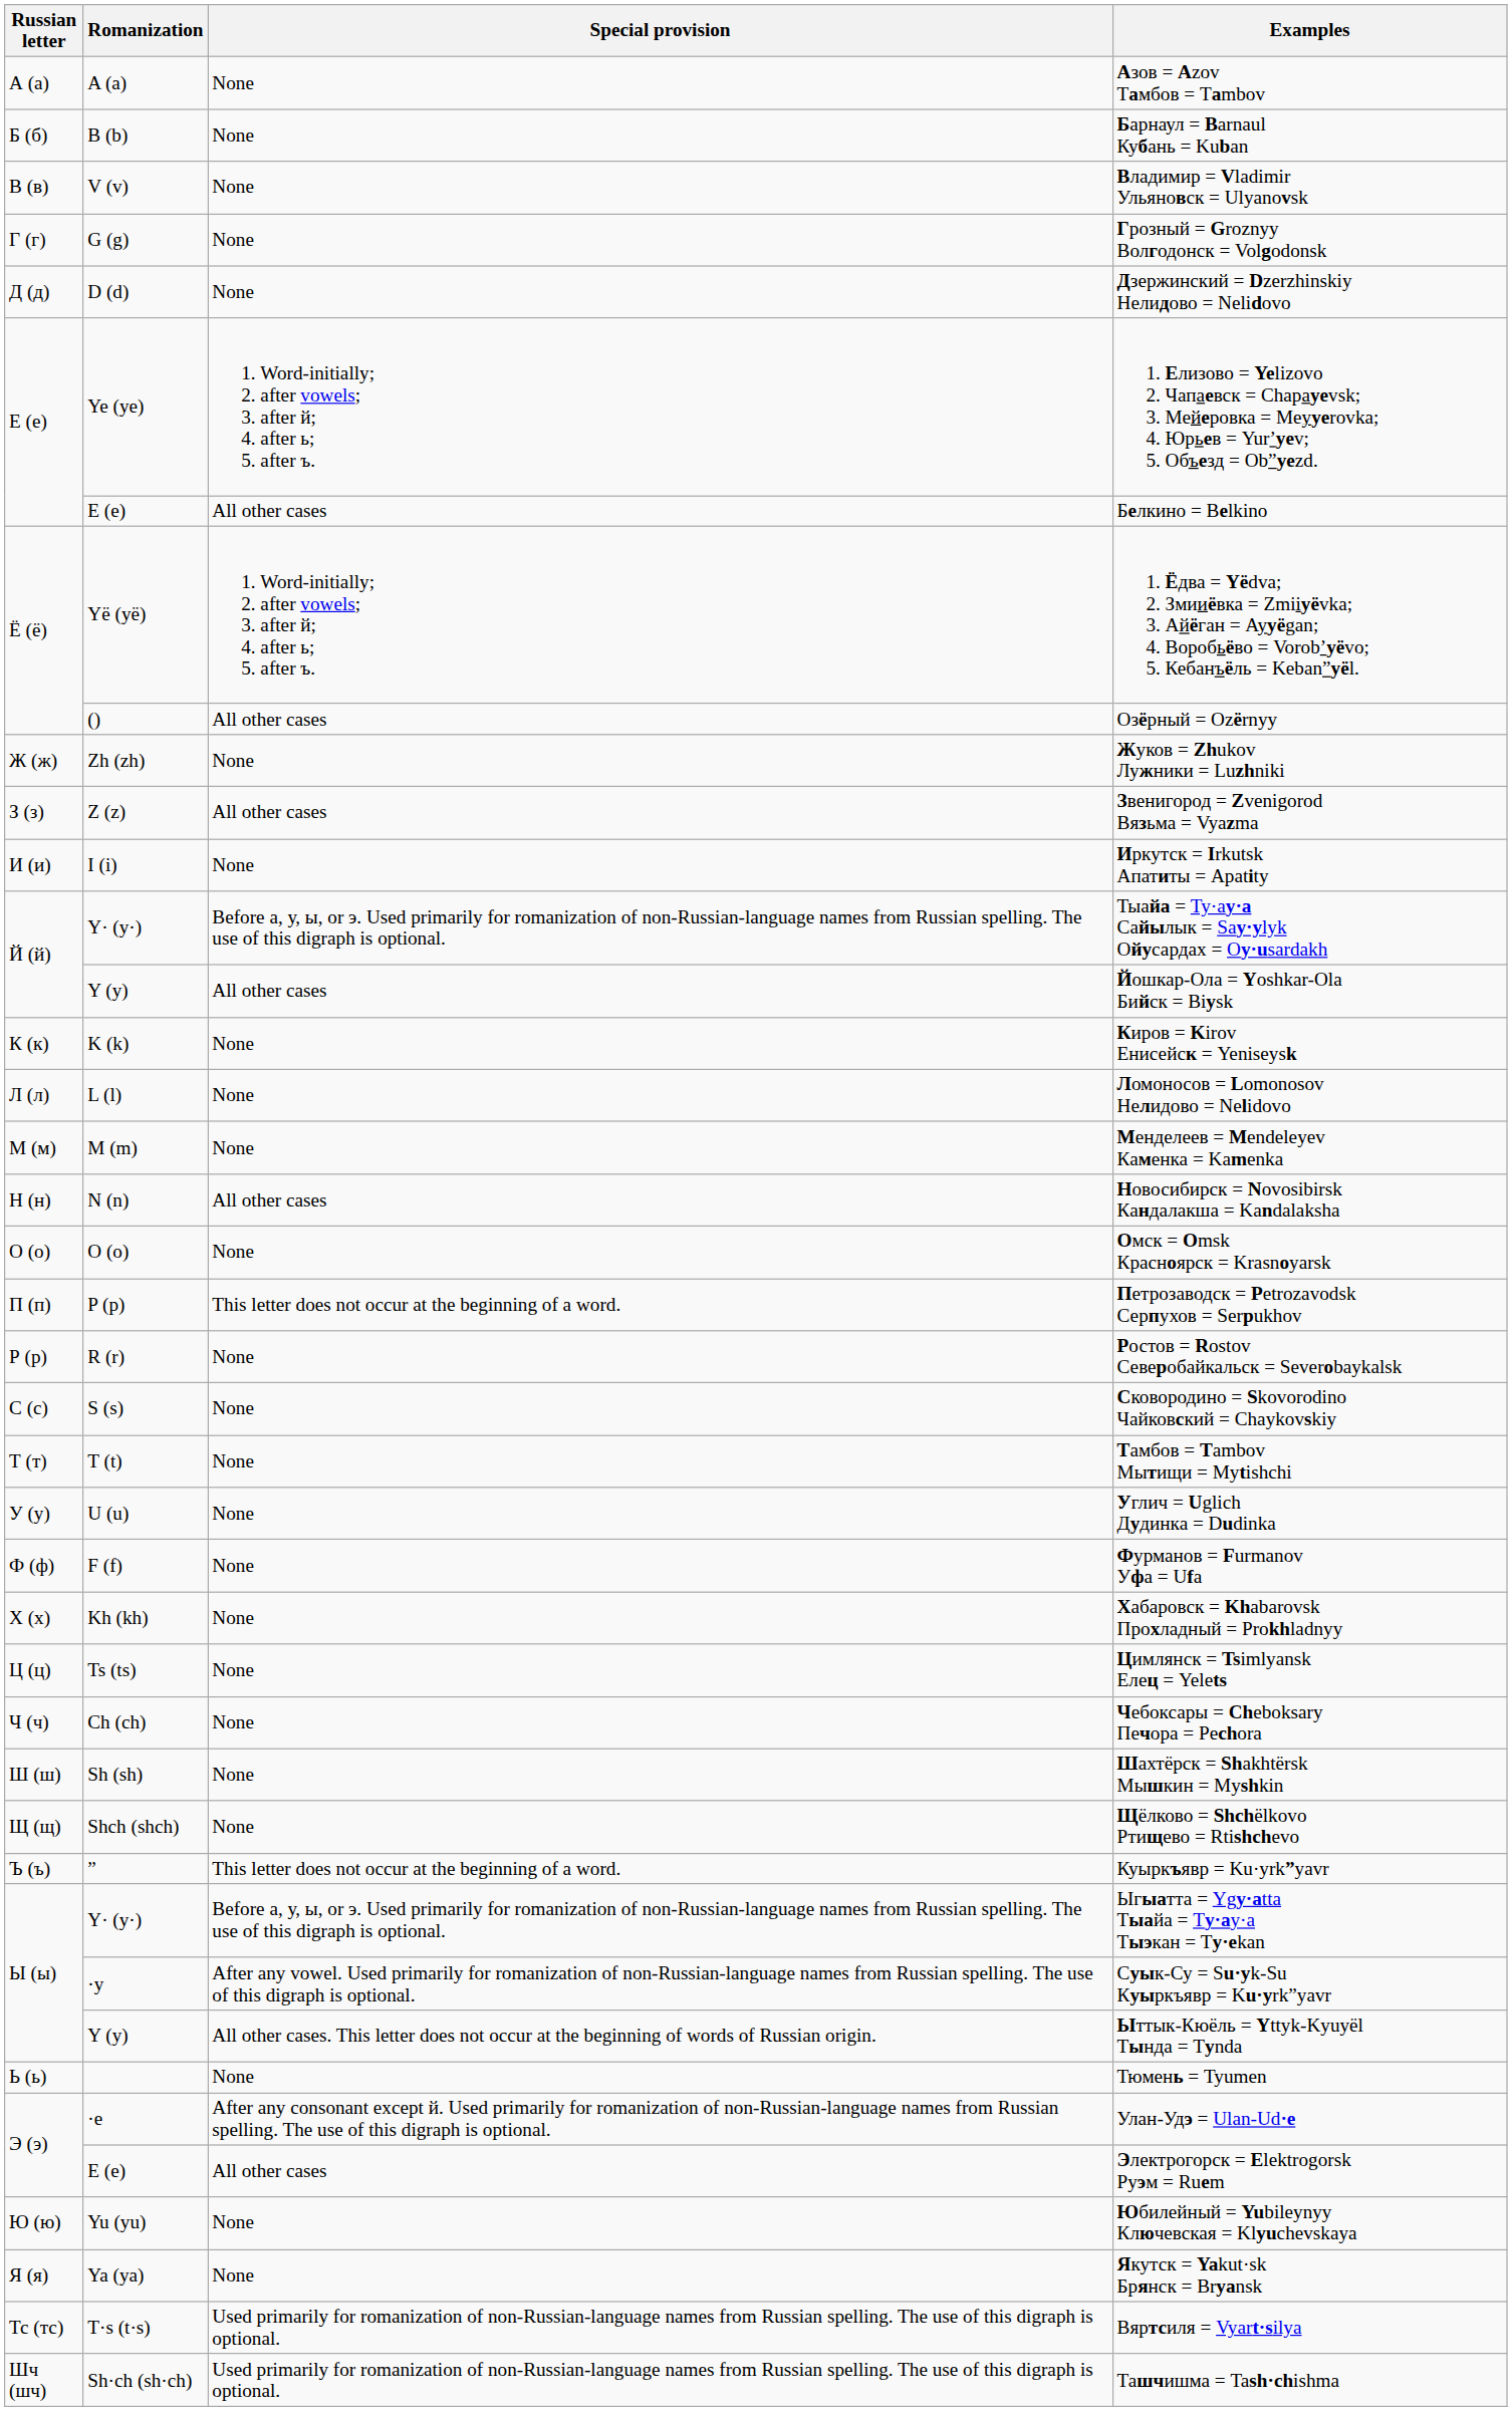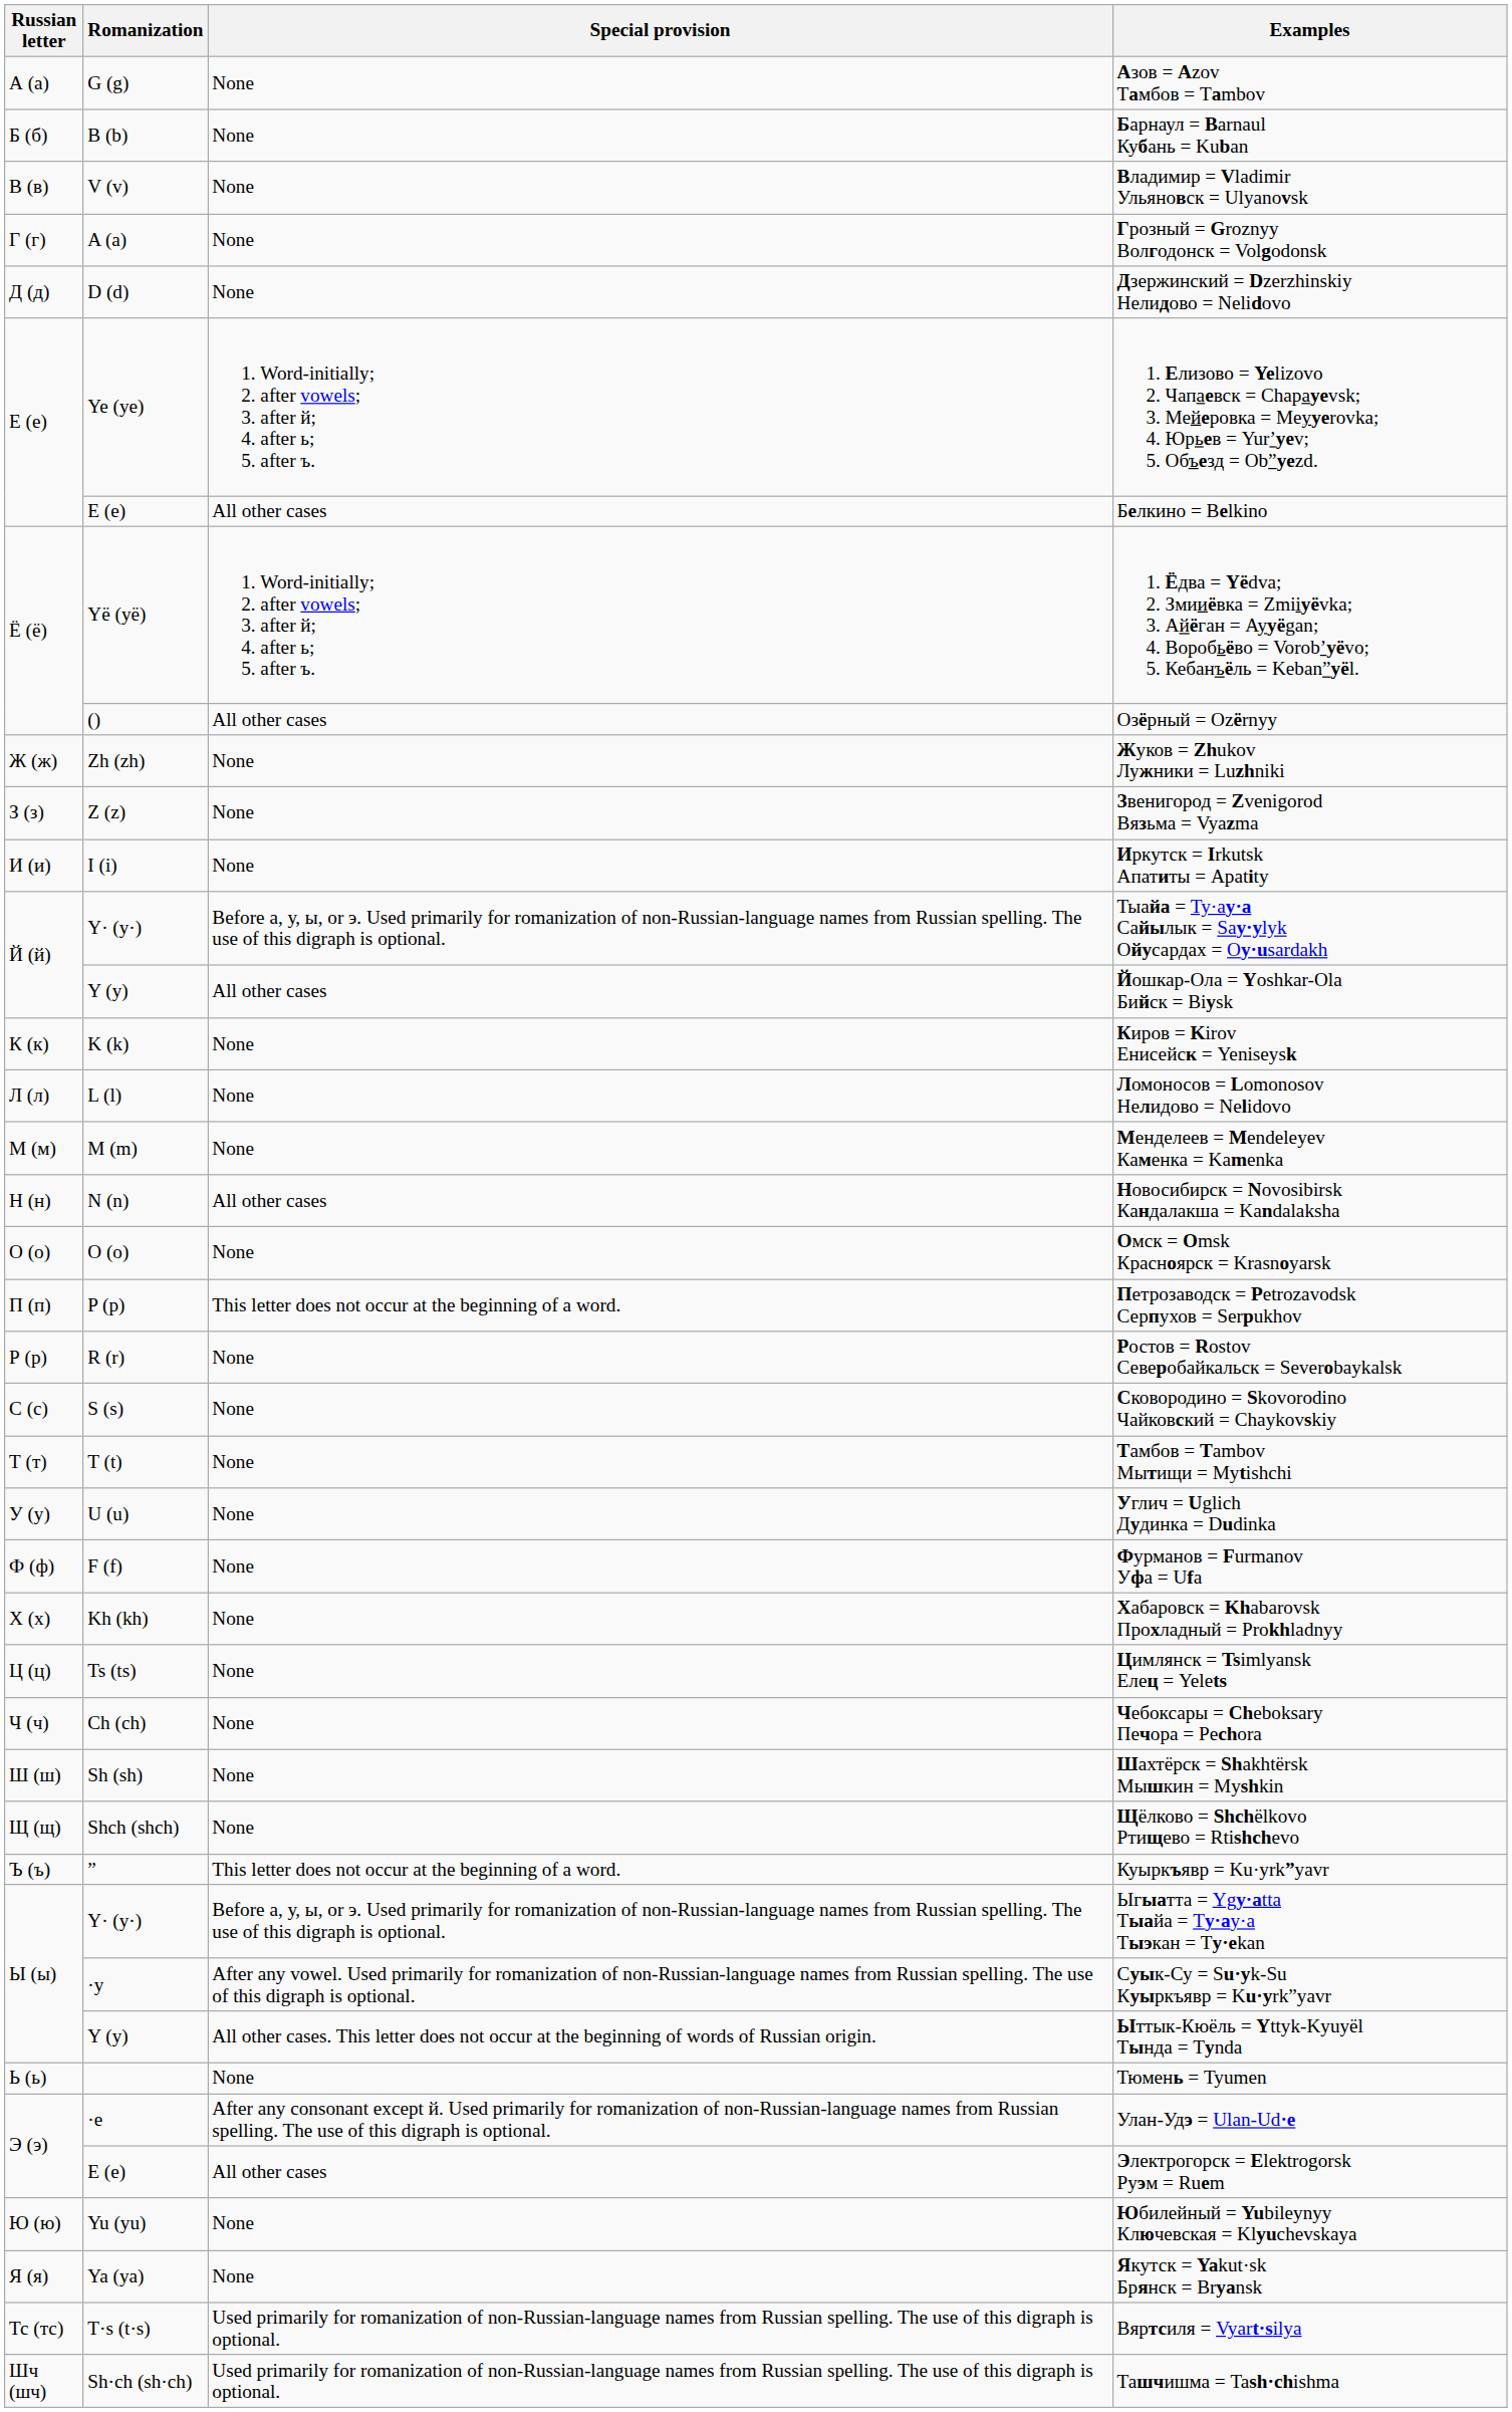 <table class="wikitable sortable mw-collapsible">
 <tr style="background: #efefef;">
 <th>Russian<br>letter</th>
 <th>Romanization</th>
 <th>Special provision</th>
 <th style="width:20em">Examples</th>
 </tr>
 <tr>
 <td>А (а)</td>
-<td>A (a)</td>
+<td>G (g)</td>
 <td>None</td>
 <td><strong><span>А</span></strong>зов = <strong><span>A</span></strong>zov <br> Т<strong><span>а</span></strong>мбов = T<strong>a</strong>mbov</td>
 </tr>
 <tr>
 <td>Б (б)</td>
 <td>B (b)</td>
 <td>None</td>
 <td><strong><span>Б</span></strong>арнаул = <strong><span>B</span></strong>arnaul <br> Ку<strong><span>б</span></strong>ань = Ku<strong>b</strong>an</td>
 </tr>
 <tr>
 <td>В (в)</td>
 <td>V (v)</td>
 <td>None</td>
 <td><strong>В</strong>ладимир = <strong>V</strong>ladimir <br> Ульяно<strong><span>в</span></strong>ск = Ulyano<strong>v</strong>sk</td>
 </tr>
 <tr>
 <td>Г (г)</td>
-<td>G (g)</td>
+<td>A (a)</td>
 <td>None</td>
 <td><strong>Г</strong>розный = <strong>G</strong>roznyy <br> Вол<strong>г</strong>одонск = Vol<strong>g</strong>odonsk</td>
 </tr>
 <tr>
 <td>Д (д)</td>
 <td>D (d)</td>
 <td>None</td>
 <td><strong>Д</strong>зержинский = <strong>D</strong>zerzhinskiy <br> Нели<strong>д</strong>ово = Neli<strong>d</strong>ovo</td>
 </tr>
 <tr>
 <td rowspan="2">Е (е)</td>
 <td>Ye (ye)</td>
 <td><br><ol><li>Word-initially;</li><li>after <a href='#'>vowels</a>;</li><li>after й;</li><li>after ь;</li><li>after ъ.</li></ol></td>
 <td><br><ol><li><strong>Е</strong>лизово = <strong>Ye</strong>lizovo</li><li>Чап<u>а</u><strong>е</strong>вск = Chap<u>a</u><strong>ye</strong>vsk;</li><li>Ме<u>й</u><strong>е</strong>ровка = Me<u>y</u><strong>ye</strong>rovka;</li><li>Юр<u>ь</u><strong>е</strong>в = Yur<u>ʼ</u><strong>ye</strong>v;</li><li>Об<u>ъ</u><strong>е</strong>зд = Ob<u>ˮ</u><strong>ye</strong>zd.</li></ol></td>
 </tr>
 <tr>
 <td>E (e)</td>
 <td>All other cases</td>
 <td>Б<strong>е</strong>лкино = B<strong>e</strong>lkino</td>
 </tr>
 <tr>
 <td rowspan="2">Ё (ё)</td>
 <td>Yë (yë)</td>
 <td><br><ol><li>Word-initially;</li><li>after <a href='#'>vowels</a>;</li><li>after й;</li><li>after ь;</li><li>after ъ.</li></ol></td>
 <td><br><ol><li><strong><span>Ё</span></strong>два = <strong><span>Yë</span></strong>dva;</li><li>Зми<u>и</u><strong>ё</strong>вка = Zmi<u>i</u><strong>yë</strong>vka;</li><li>А<u>й</u><strong>ё</strong>ган = A<u>y</u><strong>yë</strong>gan;</li><li>Вороб<u>ь</u><strong>ё</strong>во = Vorob<u>ʼ</u><strong>yë</strong>vo;</li><li>Кебан<u>ъ</u><strong>ё</strong>ль = Keban<u>ˮ</u><strong>yë</strong>l.</li></ol></td>
 </tr>
 <tr>
 <td> ()</td>
 <td>All other cases</td>
 <td>Оз<strong>ё</strong>рный = Oz<strong>ë</strong>rnyy</td>
 </tr>
 <tr>
 <td>Ж (ж)</td>
 <td>Zh (zh)</td>
 <td>None</td>
 <td><strong>Ж</strong>уков = <strong>Zh</strong>ukov <br> Лу<strong>ж</strong>ники = Lu<strong>zh</strong>niki</td>
 </tr>
 <tr>
 <td>З (з)</td>
 <td>Z (z)</td>
-<td>All other cases</td>
+<td>None</td>
 <td><strong>З</strong>венигород = <strong>Z</strong>venigorod <br> Вя<strong>з</strong>ьма = Vya<strong>z</strong>ma</td>
 </tr>
 <tr>
 <td>И (и)</td>
 <td>I (i)</td>
 <td>None</td>
 <td><strong>И</strong>ркутск = <strong>I</strong>rkutsk <br> Апат<strong>и</strong>ты = Apat<strong>i</strong>ty</td>
 </tr>
 <tr>
 <td rowspan="2">Й (й)</td>
 <td>Y· (y·)</td>
 <td>Before а, у, ы, or э. Used primarily for romanization of non-Russian-language names from Russian spelling. The use of this digraph is optional.</td>
 <td>Тыа<strong>йа</strong> = <a href='#'>Ty·a<strong>y·a</strong></a> <br> Са<strong>йы</strong>лык = <a href='#'>Sa<strong>y·y</strong>lyk</a> <br> О<strong>йу</strong>сардах = <a href='#'>O<strong>y·u</strong>sardakh</a></td>
 </tr>
 <tr>
 <td>Y (y)</td>
 <td>All other cases</td>
 <td><strong><span>Й</span></strong>ошкар-Ола = <strong>Y</strong>oshkar-Ola <br> Би<strong>й</strong>ск = Bi<strong>y</strong>sk</td>
 </tr>
 <tr>
 <td>К (к)</td>
 <td>K (k)</td>
 <td>None</td>
 <td><strong><span>К</span></strong>иров = <strong>K</strong>irov <br> Енисейс<strong>к</strong> = Yeniseys<strong>k</strong></td>
 </tr>
 <tr>
 <td>Л (л)</td>
 <td>L (l)</td>
 <td>None</td>
 <td><strong>Л</strong>омоносов = <strong><span>L</span></strong>omonosov <br> Не<strong>л</strong>идово = Ne<strong><span>l</span></strong>idovo</td>
 </tr>
 <tr>
 <td>М (м)</td>
 <td>M (m)</td>
 <td>None</td>
 <td><strong><span>М</span></strong>енделеев = <strong>M</strong>endeleyev <br> Ка<strong><span>м</span></strong>енка = Ka<strong>m</strong>enka</td>
 </tr>
 <tr>
 <td>Н (н)</td>
 <td>N (n)</td>
 <td>All other cases</td>
 <td><strong><span>Н</span></strong>овосибирск = <strong>N</strong>ovosibirsk <br> Ка<strong>н</strong>далакша = Ka<strong>n</strong>dalaksha</td>
 </tr>
 <tr>
 <td>О (о)</td>
 <td>O (o)</td>
 <td>None</td>
 <td><strong><span>О</span></strong>мск = <strong><span>O</span></strong>msk <br> Красн<strong>о</strong>ярск = Krasn<strong><span>o</span></strong>yarsk</td>
 </tr>
 <tr>
 <td>П (п)</td>
 <td>P (p)</td>
 <td>This letter does not occur at the beginning of a word.</td>
 <td><strong><span>П</span></strong>етрозаводск = <strong>P</strong>etrozavodsk <br> Сер<strong><span>п</span></strong>ухов = Ser<strong>p</strong>ukhov</td>
 </tr>
 <tr>
 <td>Р (р)</td>
 <td>R (r)</td>
 <td>None</td>
 <td><strong><span>Р</span></strong>остов = <strong>R</strong>ostov <br> Севе<strong><span>р</span></strong>обайкальск = Sever<strong><span>o</span></strong>baykalsk</td>
 </tr>
 <tr>
 <td>С (с)</td>
 <td>S (s)</td>
 <td>None</td>
 <td><strong>С</strong>ковородино = <strong>S</strong>kovorodino <br> Чайков<strong>с</strong>кий = Chaykov<strong>s</strong>kiy</td>
 </tr>
 <tr>
 <td>Т (т)</td>
 <td>T (t)</td>
 <td>None</td>
 <td><strong><span>Т</span></strong>амбов = <strong>T</strong>ambov <br> Мы<strong>т</strong>ищи = My<strong>t</strong>ishchi</td>
 </tr>
 <tr>
 <td>У (у)</td>
 <td>U (u)</td>
 <td>None</td>
 <td><strong><span>У</span></strong>глич = <strong><span>U</span></strong>glich <br> Д<strong><span>у</span></strong>динка = D<strong>u</strong>dinka</td>
 </tr>
 <tr>
 <td>Ф (ф)</td>
 <td>F (f)</td>
 <td>None</td>
 <td><strong><span>Ф</span></strong>урманов = <strong><span>F</span></strong>urmanov <br> У<strong><span>ф</span></strong>а = U<strong>f</strong>a</td>
 </tr>
 <tr>
 <td>Х (х)</td>
 <td>Kh (kh)</td>
 <td>None</td>
 <td><strong><span>Х</span></strong>абаровск = <strong>Kh</strong>abarovsk <br> Про<strong><span>х</span></strong>ладный = Pro<strong>kh</strong>ladnyy</td>
 </tr>
 <tr>
 <td>Ц (ц)</td>
 <td>Ts (ts)</td>
 <td>None</td>
 <td><strong><span>Ц</span></strong>имлянск = <strong>Ts</strong>imlyansk <br> Еле<strong><span>ц</span></strong> = Yele<strong>ts</strong></td>
 </tr>
 <tr>
 <td>Ч (ч)</td>
 <td>Ch (ch)</td>
 <td>None</td>
 <td><strong><span>Ч</span></strong>ебоксары = <strong>Ch</strong>eboksary <br> Пе<strong><span>ч</span></strong>ора = Pe<strong>ch</strong>ora</td>
 </tr>
 <tr>
 <td>Ш (ш)</td>
 <td>Sh (sh)</td>
 <td>None</td>
 <td><strong><span>Ш</span></strong>ахтёрск = <strong>Sh</strong>akhtërsk <br> Мы<strong><span>ш</span></strong>кин = My<strong>sh</strong>kin</td>
 </tr>
 <tr>
 <td>Щ (щ)</td>
 <td>Shch (shch)</td>
 <td>None</td>
 <td><strong><span>Щ</span></strong>ёлково = <strong><span>Shch</span></strong>ëlkovo <br> Рти<strong><span>щ</span></strong>ево = Rti<strong><span>shch</span></strong>evo</td>
 </tr>
 <tr>
 <td>Ъ (ъ)</td>
 <td>ˮ</td>
 <td>This letter does not occur at the beginning of a word.</td>
 <td>Куырк<strong><span>ъ</span></strong>явр = Ku·yrk<strong>ˮ</strong>yavr</td>
 </tr>
 <tr>
 <td rowspan="3">Ы (ы)</td>
 <td>Y· (y·)</td>
 <td>Before а, у, ы, or э. Used primarily for romanization of non-Russian-language names from Russian spelling. The use of this digraph is optional.</td>
 <td>Ыг<strong><span>ыа</span></strong>тта = <a href='#'>Yg<strong>y·a</strong>tta</a> <br> Т<strong>ыа</strong>йа = <a href='#'>T<strong>y·a</strong>y·a</a> <br> Т<strong><span>ыэ</span></strong>кан = T<strong>y·e</strong>kan</td>
 </tr>
 <tr>
 <td>·y</td>
 <td>After any vowel. Used primarily for romanization of non-Russian-language names from Russian spelling. The use of this digraph is optional.</td>
 <td>С<strong>уы</strong>к-Су = S<strong>u·y</strong>k-Su <br> К<strong>уы</strong>ркъявр = K<strong>u·y</strong>rkˮyavr</td>
 </tr>
 <tr>
 <td>Y (y)</td>
 <td>All other cases. This letter does not occur at the beginning of words of Russian origin.</td>
 <td><strong><span>Ы</span></strong>ттык-Кюёль = <strong>Y</strong>ttyk-Kyuyël <br> Т<strong>ы</strong>нда = T<strong>y</strong>nda</td>
 </tr>
 <tr>
 <td>Ь (ь)</td>
 <td></td>
 <td>None</td>
 <td>Тюмен<strong>ь</strong> = Tyumen<strong></strong></td>
 </tr>
 <tr>
 <td rowspan="2">Э (э)</td>
 <td>·e</td>
 <td>After any consonant except й. Used primarily for romanization of non-Russian-language names from Russian spelling. The use of this digraph is optional.</td>
 <td>Улан-Уд<strong><span>э</span></strong> = <a href='#'>Ulan-Ud<strong><span>·e</span></strong></a></td>
 </tr>
 <tr>
 <td>E (e)</td>
 <td>All other cases</td>
 <td><strong><span>Э</span></strong>лектрогорск = <strong><span>E</span></strong>lektrogorsk <br> Ру<strong><span>э</span></strong>м = Ru<strong>e</strong>m</td>
 </tr>
 <tr>
 <td>Ю (ю)</td>
 <td>Yu (yu)</td>
 <td>None</td>
 <td><strong><span>Ю</span></strong>билейный = <strong>Yu</strong>bileynyy <br> Кл<strong><span>ю</span></strong>чевская = Kl<strong>yu</strong>chevskaya</td>
 </tr>
 <tr>
 <td>Я (я)</td>
 <td>Ya (ya)</td>
 <td>None</td>
 <td><strong><span>Я</span></strong>кутск = <strong>Ya</strong>kut·sk <br> Бр<strong><span>я</span></strong>нск = Br<strong>ya</strong>nsk</td>
 </tr>
 <tr>
 <td>Тс (тс)</td>
 <td>T·s (t·s)</td>
 <td>Used primarily for romanization of non-Russian-language names from Russian spelling. The use of this digraph is optional.</td>
 <td>Вяр<strong><span>тс</span></strong>иля = <a href='#'>Vyar<strong><span>t·s</span></strong>ilya</a></td>
 </tr>
 <tr>
 <td>Шч (шч)</td>
 <td>Sh·ch (sh·ch)</td>
 <td>Used primarily for romanization of non-Russian-language names from Russian spelling. The use of this digraph is optional.</td>
 <td>Та<strong><span>шч</span></strong>ишма = Ta<strong>sh·ch</strong>ishma</td>
 </tr>
 </table>
